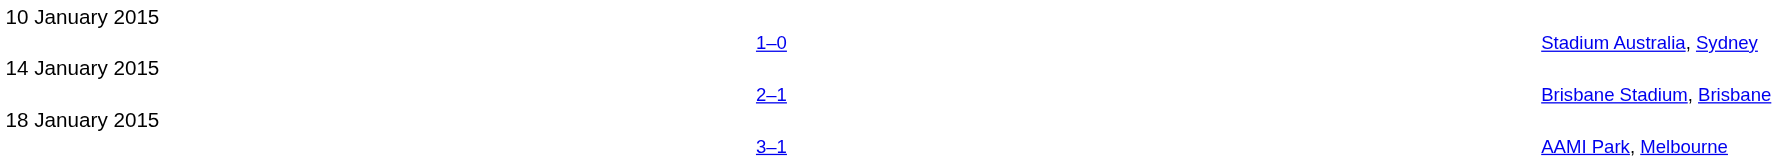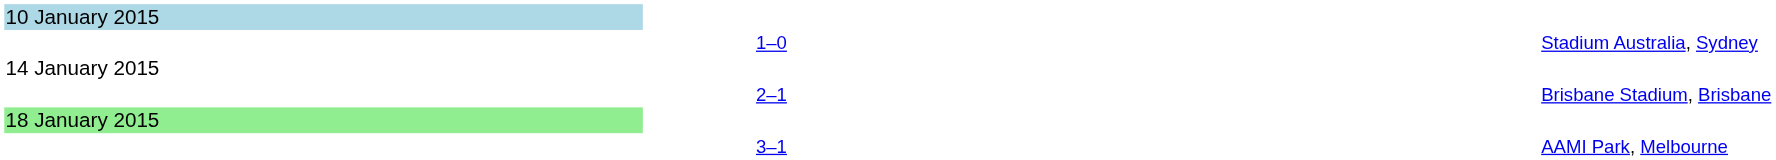 <table style="width:100%" cellspacing="1">
 <tr>
 <th width=25%></th>
 <th width=10%></th>
 <th width=25%></th>
 </tr>
 <tr>
-<td>10 January 2015</td>
+<td style="background: lightblue;">10 January 2015</td>
 </tr>
 <tr style=font-size:90%>
 <td align=right></td>
 <td align=center><a href='#'>1–0</a></td>
 <td></td>
 <td><a href='#'>Stadium Australia</a>, <a href='#'>Sydney</a></td>
 </tr>
 <tr>
 <td>14 January 2015</td>
 </tr>
 <tr style=font-size:90%>
 <td align=right></td>
 <td align=center><a href='#'>2–1</a></td>
 <td></td>
 <td><a href='#'>Brisbane Stadium</a>, <a href='#'>Brisbane</a></td>
 </tr>
 <tr>
-<td>18 January 2015</td>
+<td style="background: lightgreen;">18 January 2015</td>
 </tr>
 <tr style=font-size:90%>
 <td align=right></td>
 <td align=center><a href='#'>3–1</a></td>
 <td></td>
 <td><a href='#'>AAMI Park</a>, <a href='#'>Melbourne</a></td>
 </tr>
 </table>
